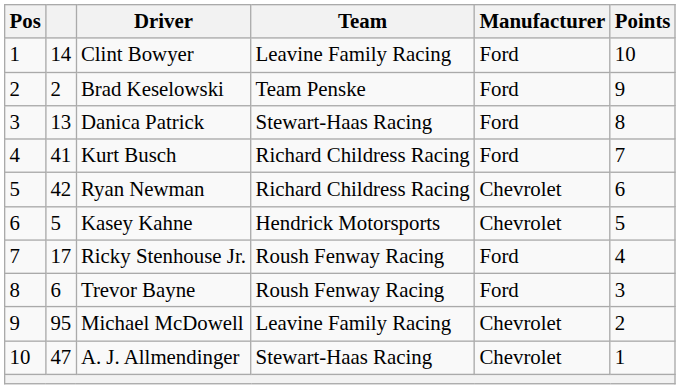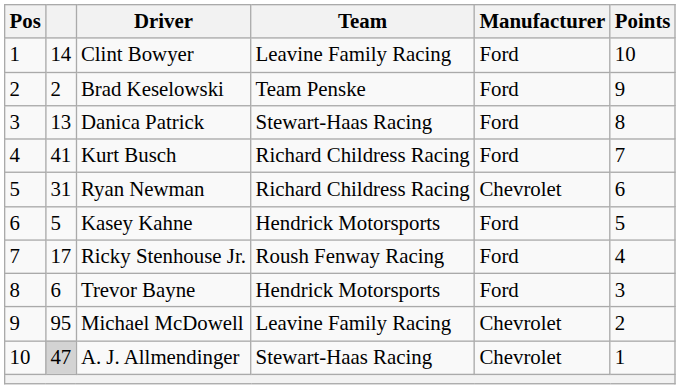 <table class="wikitable" style="font-size:98%">
 <tr>
 <th>Pos</th>
 <th></th>
 <th>Driver</th>
 <th>Team</th>
 <th>Manufacturer</th>
 <th>Points</th>
 </tr>
 <tr>
 <td>1</td>
 <td>14</td>
 <td>Clint Bowyer</td>
 <td>Leavine Family Racing</td>
 <td>Ford</td>
 <td>10</td>
 </tr>
 <tr>
 <td>2</td>
 <td>2</td>
 <td>Brad Keselowski</td>
 <td>Team Penske</td>
 <td>Ford</td>
 <td>9</td>
 </tr>
 <tr>
 <td>3</td>
 <td>13</td>
 <td>Danica Patrick</td>
 <td>Stewart-Haas Racing</td>
 <td>Ford</td>
 <td>8</td>
 </tr>
 <tr>
 <td>4</td>
 <td>41</td>
 <td>Kurt Busch</td>
 <td>Richard Childress Racing</td>
 <td>Ford</td>
 <td>7</td>
 </tr>
 <tr>
 <td>5</td>
-<td>42</td>
+<td>31</td>
 <td>Ryan Newman</td>
 <td>Richard Childress Racing</td>
 <td>Chevrolet</td>
 <td>6</td>
 </tr>
 <tr>
 <td>6</td>
 <td>5</td>
 <td>Kasey Kahne</td>
 <td>Hendrick Motorsports</td>
-<td>Chevrolet</td>
+<td>Ford</td>
 <td>5</td>
 </tr>
 <tr>
 <td>7</td>
 <td>17</td>
 <td>Ricky Stenhouse Jr.</td>
 <td>Roush Fenway Racing</td>
 <td>Ford</td>
 <td>4</td>
 </tr>
 <tr>
 <td>8</td>
 <td>6</td>
 <td>Trevor Bayne</td>
-<td>Roush Fenway Racing</td>
+<td>Hendrick Motorsports</td>
 <td>Ford</td>
 <td>3</td>
 </tr>
 <tr>
 <td>9</td>
 <td>95</td>
 <td>Michael McDowell</td>
 <td>Leavine Family Racing</td>
 <td>Chevrolet</td>
 <td>2</td>
 </tr>
 <tr>
 <td>10</td>
-<td>47</td>
+<td style="background: lightgrey;">47</td>
 <td>A. J. Allmendinger</td>
 <td>Stewart-Haas Racing</td>
 <td>Chevrolet</td>
 <td>1</td>
 </tr>
 <tr>
 <th colspan="6"></th>
 </tr>
 </table>
